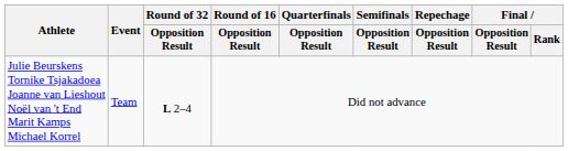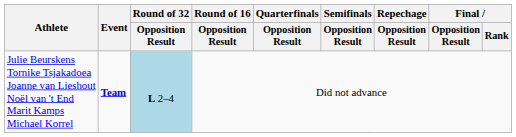 <table class="wikitable" style="font-size:90%">
 <tr>
 <th rowspan="2">Athlete</th>
 <th rowspan="2">Event</th>
 <th>Round of 32</th>
 <th>Round of 16</th>
 <th>Quarterfinals</th>
 <th>Semifinals</th>
 <th>Repechage</th>
 <th colspan=2>Final / </th>
 </tr>
 <tr style="font-size:95%">
 <th>Opposition<br>Result</th>
 <th>Opposition<br>Result</th>
 <th>Opposition<br>Result</th>
 <th>Opposition<br>Result</th>
 <th>Opposition<br>Result</th>
 <th>Opposition<br>Result</th>
 <th>Rank</th>
 </tr>
 <tr align=center>
 <td align=left><a href='#'>Julie Beurskens</a><br><a href='#'>Tornike Tsjakadoea</a><br><a href='#'>Joanne van Lieshout</a><br><a href='#'>Noël van 't End</a><br><a href='#'>Marit Kamps</a><br><a href='#'>Michael Korrel</a></td>
-<td align=left><a href='#'>Team</a></td>
-<td><br><strong>L</strong> 2–4</td>
+<td align=left><strong><a href='#'>Team</a></strong></td>
+<td style="background: lightblue;"><br><strong>L</strong> 2–4</td>
 <td colspan=6>Did not advance</td>
 </tr>
 </table>
